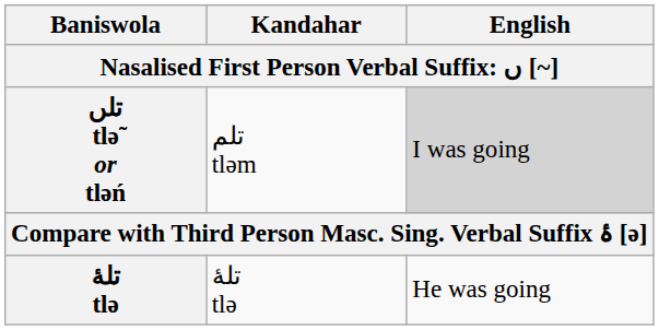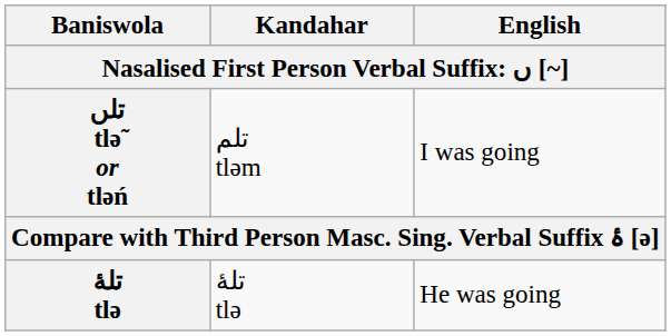 <table class="wikitable">
 <tr>
 <th>Baniswola</th>
 <th>Kandahar</th>
 <th>English</th>
 </tr>
 <tr>
 <th colspan="3">Nasalised First Person Verbal Suffix: ں [~]</th>
 </tr>
 <tr>
 <th>تلں<br>tlə̃<br><em>or</em><br>tləń</th>
 <td>تلم<br>tləm</td>
-<td style="background: lightgrey;">I was going</td>
+<td>I was going</td>
 </tr>
 <tr>
 <th colspan="3">Compare with Third Person Masc. Sing. Verbal Suffix ۀ [ə]</th>
 </tr>
 <tr>
 <th>تلۀ<br>tlə</th>
 <td>تلۀ<br>tlə</td>
 <td>He was going</td>
 </tr>
 </table>
